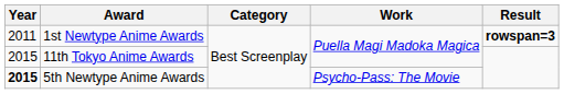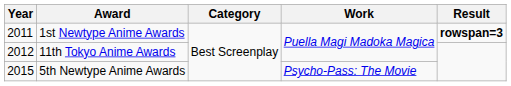 <table class="wikitable sortable">
 <tr>
 <th>Year</th>
 <th>Award</th>
 <th>Category</th>
 <th>Work</th>
 <th>Result</th>
 </tr>
 <tr>
 <td rowspan=1>2011</td>
 <td>1st <a href='#'>Newtype Anime Awards</a></td>
 <td rowspan=3>Best Screenplay</td>
 <td rowspan=2><em><a href='#'>Puella Magi Madoka Magica</a></em></td>
 <td><strong>rowspan=3 </strong></td>
 </tr>
 <tr>
-<td rowspan=1>2015</td>
+<td rowspan=1>2012</td>
 <td>11th <a href='#'>Tokyo Anime Awards</a></td>
 </tr>
 <tr>
-<td rowspan=1><strong>2015</strong></td>
+<td rowspan=1>2015</td>
 <td>5th Newtype Anime Awards</td>
 <td><em><a href='#'>Psycho-Pass: The Movie</a></em></td>
 </tr>
 </table>
